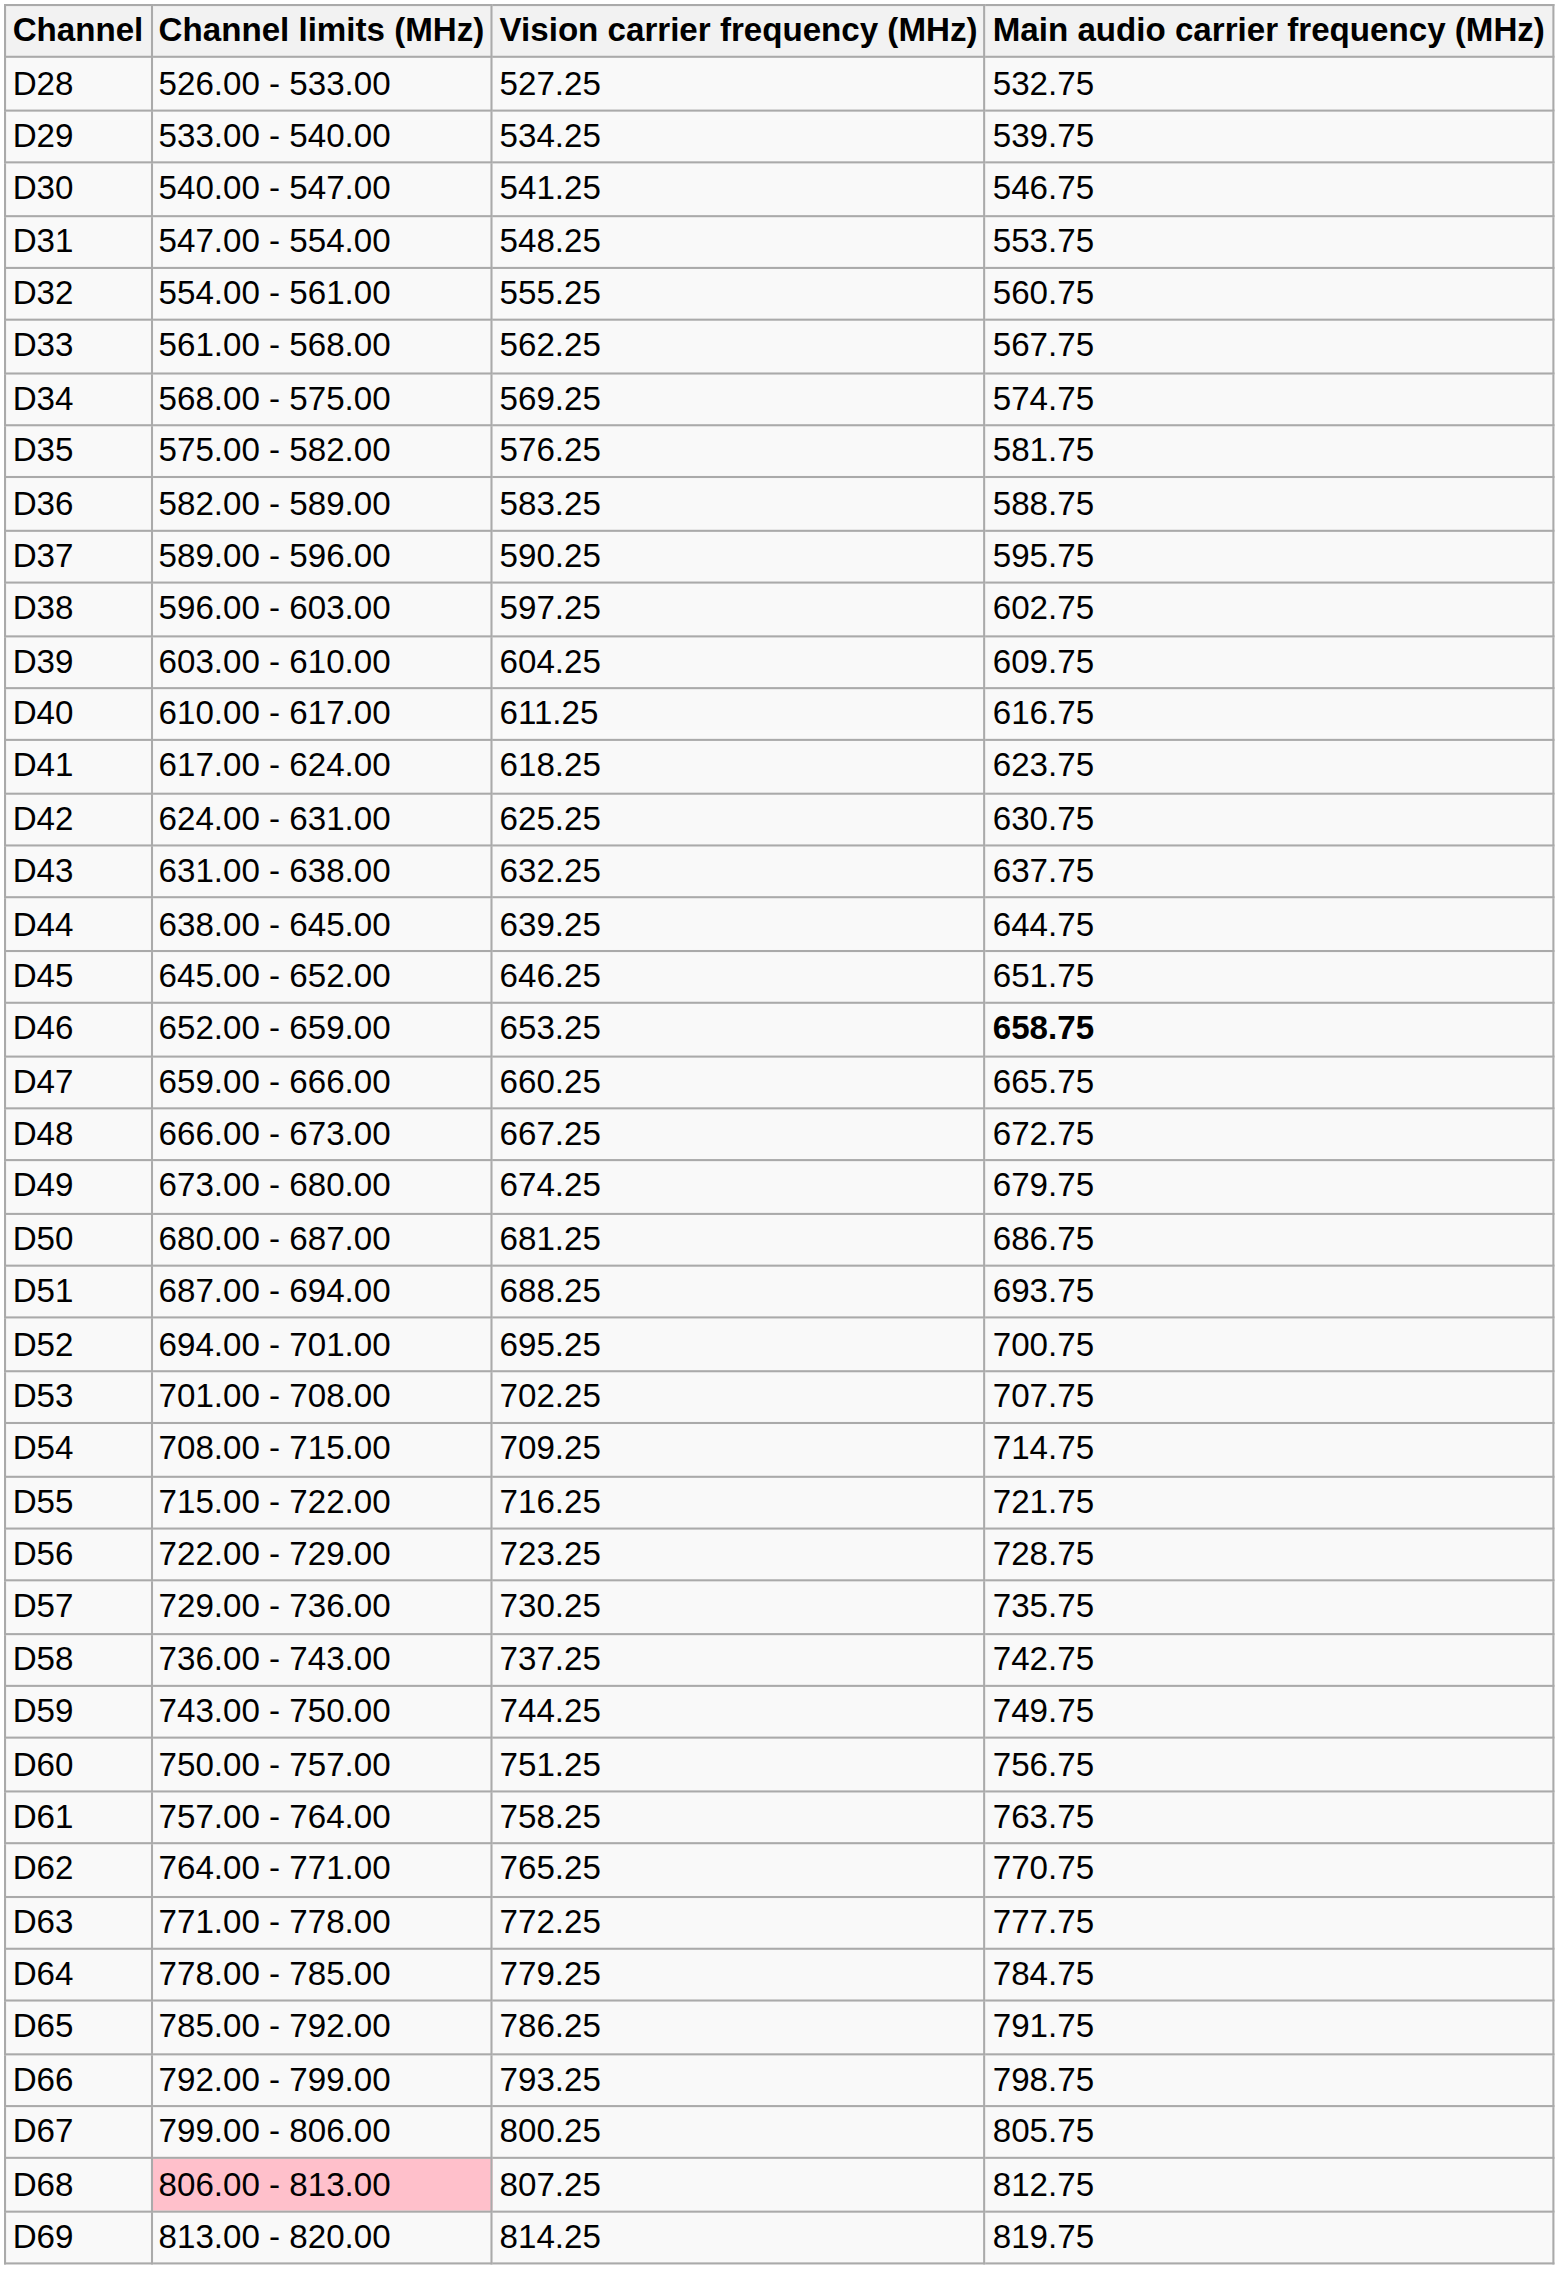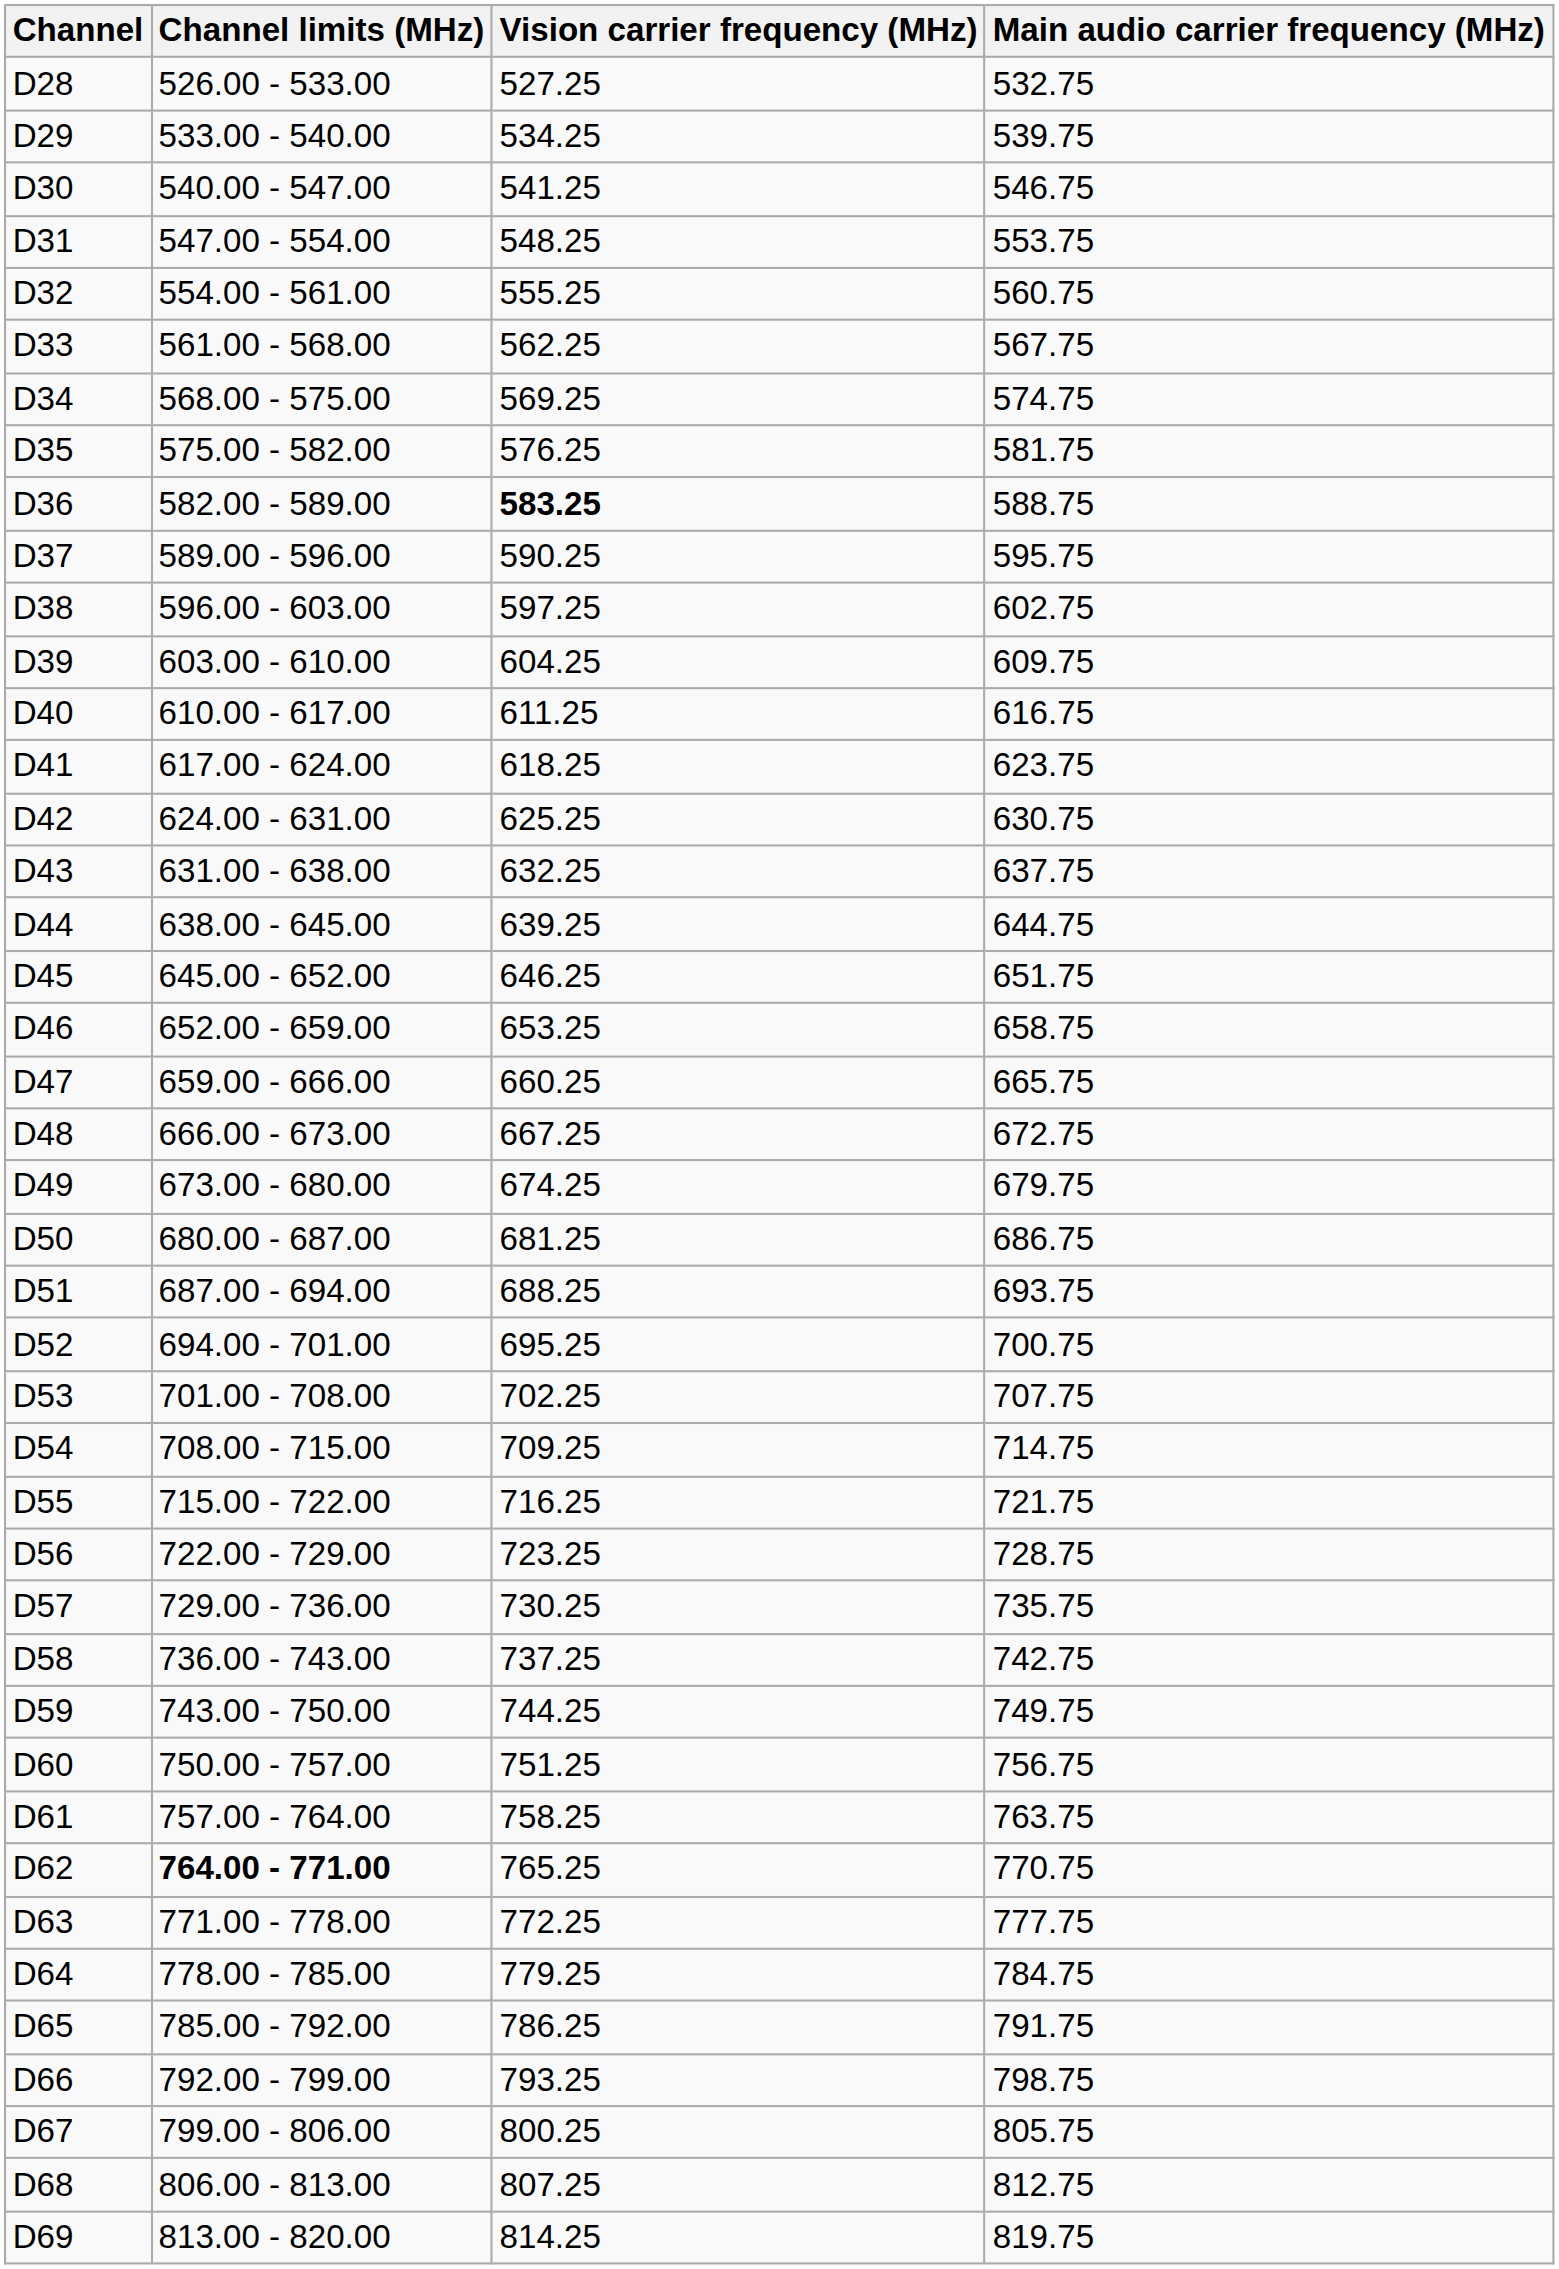 <table class="wikitable">
 <tr>
 <th>Channel</th>
 <th>Channel limits (MHz)</th>
 <th>Vision carrier frequency (MHz)</th>
 <th>Main audio carrier frequency (MHz)</th>
 </tr>
 <tr>
 <td>D28</td>
 <td>526.00 - 533.00</td>
 <td>527.25</td>
 <td>532.75</td>
 </tr>
 <tr>
 <td>D29</td>
 <td>533.00 - 540.00</td>
 <td>534.25</td>
 <td>539.75</td>
 </tr>
 <tr>
 <td>D30</td>
 <td>540.00 - 547.00</td>
 <td>541.25</td>
 <td>546.75</td>
 </tr>
 <tr>
 <td>D31</td>
 <td>547.00 - 554.00</td>
 <td>548.25</td>
 <td>553.75</td>
 </tr>
 <tr>
 <td>D32</td>
 <td>554.00 - 561.00</td>
 <td>555.25</td>
 <td>560.75</td>
 </tr>
 <tr>
 <td>D33</td>
 <td>561.00 - 568.00</td>
 <td>562.25</td>
 <td>567.75</td>
 </tr>
 <tr>
 <td>D34</td>
 <td>568.00 - 575.00</td>
 <td>569.25</td>
 <td>574.75</td>
 </tr>
 <tr>
 <td>D35</td>
 <td>575.00 - 582.00</td>
 <td>576.25</td>
 <td>581.75</td>
 </tr>
 <tr>
 <td>D36</td>
 <td>582.00 - 589.00</td>
-<td>583.25</td>
+<td><strong>583.25</strong></td>
 <td>588.75</td>
 </tr>
 <tr>
 <td>D37</td>
 <td>589.00 - 596.00</td>
 <td>590.25</td>
 <td>595.75</td>
 </tr>
 <tr>
 <td>D38</td>
 <td>596.00 - 603.00</td>
 <td>597.25</td>
 <td>602.75</td>
 </tr>
 <tr>
 <td>D39</td>
 <td>603.00 - 610.00</td>
 <td>604.25</td>
 <td>609.75</td>
 </tr>
 <tr>
 <td>D40</td>
 <td>610.00 - 617.00</td>
 <td>611.25</td>
 <td>616.75</td>
 </tr>
 <tr>
 <td>D41</td>
 <td>617.00 - 624.00</td>
 <td>618.25</td>
 <td>623.75</td>
 </tr>
 <tr>
 <td>D42</td>
 <td>624.00 - 631.00</td>
 <td>625.25</td>
 <td>630.75</td>
 </tr>
 <tr>
 <td>D43</td>
 <td>631.00 - 638.00</td>
 <td>632.25</td>
 <td>637.75</td>
 </tr>
 <tr>
 <td>D44</td>
 <td>638.00 - 645.00</td>
 <td>639.25</td>
 <td>644.75</td>
 </tr>
 <tr>
 <td>D45</td>
 <td>645.00 - 652.00</td>
 <td>646.25</td>
 <td>651.75</td>
 </tr>
 <tr>
 <td>D46</td>
 <td>652.00 - 659.00</td>
 <td>653.25</td>
-<td><strong>658.75</strong></td>
+<td>658.75</td>
 </tr>
 <tr>
 <td>D47</td>
 <td>659.00 - 666.00</td>
 <td>660.25</td>
 <td>665.75</td>
 </tr>
 <tr>
 <td>D48</td>
 <td>666.00 - 673.00</td>
 <td>667.25</td>
 <td>672.75</td>
 </tr>
 <tr>
 <td>D49</td>
 <td>673.00 - 680.00</td>
 <td>674.25</td>
 <td>679.75</td>
 </tr>
 <tr>
 <td>D50</td>
 <td>680.00 - 687.00</td>
 <td>681.25</td>
 <td>686.75</td>
 </tr>
 <tr>
 <td>D51</td>
 <td>687.00 - 694.00</td>
 <td>688.25</td>
 <td>693.75</td>
 </tr>
 <tr>
 <td>D52</td>
 <td>694.00 - 701.00</td>
 <td>695.25</td>
 <td>700.75</td>
 </tr>
 <tr>
 <td>D53</td>
 <td>701.00 - 708.00</td>
 <td>702.25</td>
 <td>707.75</td>
 </tr>
 <tr>
 <td>D54</td>
 <td>708.00 - 715.00</td>
 <td>709.25</td>
 <td>714.75</td>
 </tr>
 <tr>
 <td>D55</td>
 <td>715.00 - 722.00</td>
 <td>716.25</td>
 <td>721.75</td>
 </tr>
 <tr>
 <td>D56</td>
 <td>722.00 - 729.00</td>
 <td>723.25</td>
 <td>728.75</td>
 </tr>
 <tr>
 <td>D57</td>
 <td>729.00 - 736.00</td>
 <td>730.25</td>
 <td>735.75</td>
 </tr>
 <tr>
 <td>D58</td>
 <td>736.00 - 743.00</td>
 <td>737.25</td>
 <td>742.75</td>
 </tr>
 <tr>
 <td>D59</td>
 <td>743.00 - 750.00</td>
 <td>744.25</td>
 <td>749.75</td>
 </tr>
 <tr>
 <td>D60</td>
 <td>750.00 - 757.00</td>
 <td>751.25</td>
 <td>756.75</td>
 </tr>
 <tr>
 <td>D61</td>
 <td>757.00 - 764.00</td>
 <td>758.25</td>
 <td>763.75</td>
 </tr>
 <tr>
 <td>D62</td>
-<td>764.00 - 771.00</td>
+<td><strong>764.00 - 771.00</strong></td>
 <td>765.25</td>
 <td>770.75</td>
 </tr>
 <tr>
 <td>D63</td>
 <td>771.00 - 778.00</td>
 <td>772.25</td>
 <td>777.75</td>
 </tr>
 <tr>
 <td>D64</td>
 <td>778.00 - 785.00</td>
 <td>779.25</td>
 <td>784.75</td>
 </tr>
 <tr>
 <td>D65</td>
 <td>785.00 - 792.00</td>
 <td>786.25</td>
 <td>791.75</td>
 </tr>
 <tr>
 <td>D66</td>
 <td>792.00 - 799.00</td>
 <td>793.25</td>
 <td>798.75</td>
 </tr>
 <tr>
 <td>D67</td>
 <td>799.00 - 806.00</td>
 <td>800.25</td>
 <td>805.75</td>
 </tr>
 <tr>
 <td>D68</td>
-<td style="background: pink;">806.00 - 813.00</td>
+<td>806.00 - 813.00</td>
 <td>807.25</td>
 <td>812.75</td>
 </tr>
 <tr>
 <td>D69</td>
 <td>813.00 - 820.00</td>
 <td>814.25</td>
 <td>819.75</td>
 </tr>
 </table>
